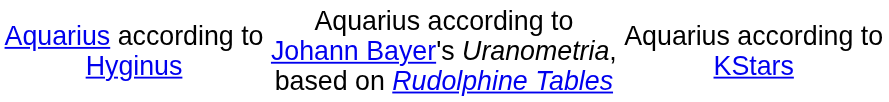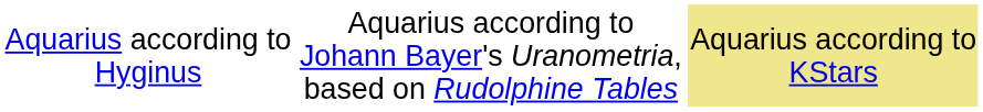 <table>
 <tr>
 <td valign=top></td>
 <td valign=top></td>
 <td valign=top></td>
 </tr>
 <tr style="text-align: center; font-size: 90%;">
 <td><a href='#'>Aquarius</a> according to<br><a href='#'>Hyginus</a></td>
 <td>Aquarius according to<br><a href='#'>Johann Bayer</a>'s <em>Uranometria</em>,<br>based on <em><a href='#'>Rudolphine Tables</a></em></td>
-<td>Aquarius according to<br><a href='#'>KStars</a></td>
+<td style="background: khaki;">Aquarius according to<br><a href='#'>KStars</a></td>
 </tr>
 </table>
